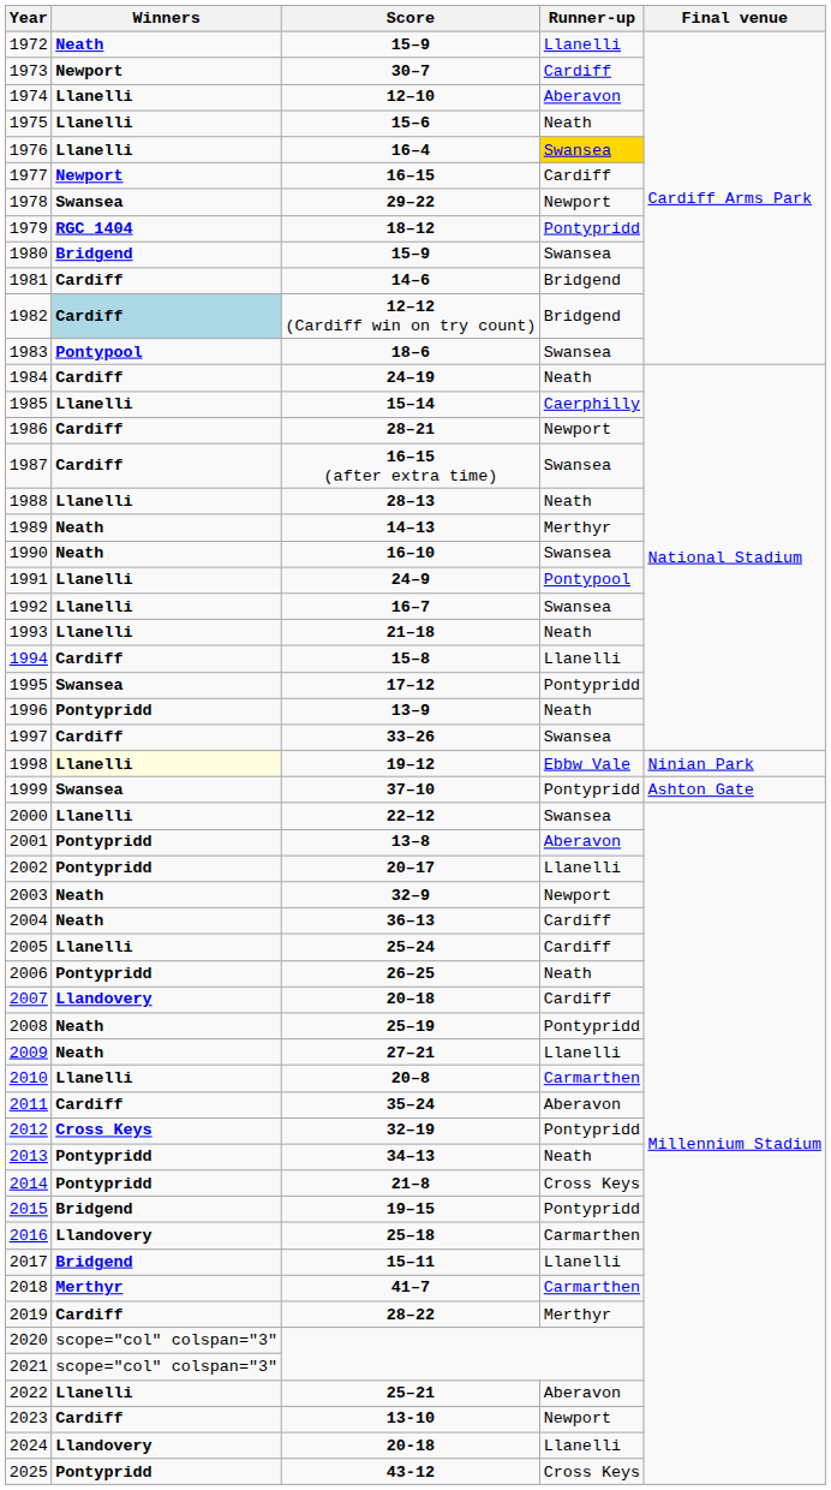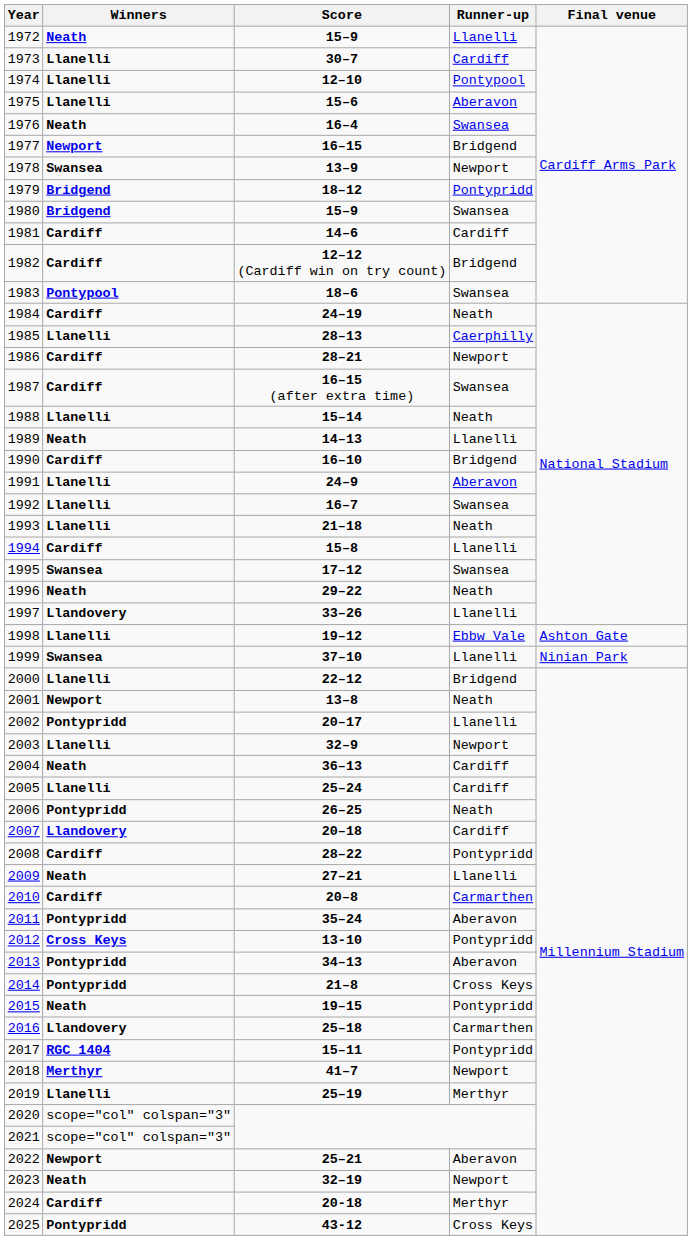 <table class="wikitable">
 <tr>
 <th>Year</th>
 <th>Winners</th>
 <th>Score</th>
 <th>Runner-up</th>
 <th>Final venue</th>
 </tr>
 <tr>
 <td>1972</td>
 <td><strong><a href='#'>Neath</a></strong></td>
 <td align="center"><strong>15–9</strong></td>
 <td><a href='#'>Llanelli</a></td>
 <td rowspan=12><a href='#'>Cardiff Arms Park</a></td>
 </tr>
 <tr>
 <td>1973</td>
-<td><strong>Newport</strong></td>
+<td><strong>Llanelli</strong></td>
 <td align="center"><strong>30–7</strong></td>
 <td><a href='#'>Cardiff</a></td>
 </tr>
 <tr>
 <td>1974</td>
 <td><strong>Llanelli</strong></td>
 <td align="center"><strong>12–10</strong></td>
-<td><a href='#'>Aberavon</a></td>
+<td><a href='#'>Pontypool</a></td>
 </tr>
 <tr>
 <td>1975</td>
 <td><strong>Llanelli</strong></td>
 <td align="center"><strong>15–6</strong></td>
-<td>Neath</td>
+<td><a href='#'>Aberavon</a></td>
 </tr>
 <tr>
 <td>1976</td>
-<td><strong>Llanelli</strong></td>
+<td><strong>Neath</strong></td>
 <td align="center"><strong>16–4</strong></td>
-<td style="background: gold;"><a href='#'>Swansea</a></td>
+<td><a href='#'>Swansea</a></td>
 </tr>
 <tr>
 <td>1977</td>
 <td><strong><a href='#'>Newport</a></strong></td>
 <td align="center"><strong>16–15</strong></td>
-<td>Cardiff</td>
+<td>Bridgend</td>
 </tr>
 <tr>
 <td>1978</td>
 <td><strong>Swansea</strong></td>
-<td align="center"><strong>29–22</strong></td>
+<td align="center"><strong>13–9</strong></td>
 <td>Newport</td>
 </tr>
 <tr>
 <td>1979</td>
-<td><strong><a href='#'>RGC 1404</a></strong></td>
+<td><strong><a href='#'>Bridgend</a></strong></td>
 <td align="center"><strong>18–12</strong></td>
 <td><a href='#'>Pontypridd</a></td>
 </tr>
 <tr>
 <td>1980</td>
 <td><strong><a href='#'>Bridgend</a></strong></td>
 <td align="center"><strong>15–9</strong></td>
 <td>Swansea</td>
 </tr>
 <tr>
 <td>1981</td>
 <td><strong>Cardiff</strong></td>
 <td align="center"><strong>14–6</strong></td>
-<td>Bridgend</td>
+<td>Cardiff</td>
 </tr>
 <tr>
 <td>1982</td>
-<td style="background: lightblue;"><strong>Cardiff</strong></td>
+<td><strong>Cardiff</strong></td>
 <td align="center"><strong>12–12</strong><br>(Cardiff win on try count)</td>
 <td>Bridgend</td>
 </tr>
 <tr>
 <td>1983</td>
 <td><strong><a href='#'>Pontypool</a></strong></td>
 <td align="center"><strong>18–6</strong></td>
 <td>Swansea</td>
 </tr>
 <tr>
 <td>1984</td>
 <td><strong>Cardiff</strong></td>
 <td align="center"><strong>24–19</strong></td>
 <td>Neath</td>
 <td rowspan=14><a href='#'>National Stadium</a></td>
 </tr>
 <tr>
 <td>1985</td>
 <td><strong>Llanelli</strong></td>
-<td align="center"><strong>15–14</strong></td>
+<td align="center"><strong>28–13</strong></td>
 <td><a href='#'>Caerphilly</a></td>
 </tr>
 <tr>
 <td>1986</td>
 <td><strong>Cardiff</strong></td>
 <td align="center"><strong>28–21</strong></td>
 <td>Newport</td>
 </tr>
 <tr>
 <td>1987</td>
 <td><strong>Cardiff</strong></td>
 <td align="center"><strong>16–15</strong><br>(after extra time)</td>
 <td>Swansea</td>
 </tr>
 <tr>
 <td>1988</td>
 <td><strong>Llanelli</strong></td>
-<td align="center"><strong>28–13</strong></td>
+<td align="center"><strong>15–14</strong></td>
 <td>Neath</td>
 </tr>
 <tr>
 <td>1989</td>
 <td><strong>Neath</strong></td>
 <td align="center"><strong>14–13</strong></td>
-<td>Merthyr</td>
+<td>Llanelli</td>
 </tr>
 <tr>
 <td>1990</td>
-<td><strong>Neath</strong></td>
+<td><strong>Cardiff</strong></td>
 <td align="center"><strong>16–10</strong></td>
-<td>Swansea</td>
+<td>Bridgend</td>
 </tr>
 <tr>
 <td>1991</td>
 <td><strong>Llanelli</strong></td>
 <td align="center"><strong>24–9</strong></td>
-<td><a href='#'>Pontypool</a></td>
+<td><a href='#'>Aberavon</a></td>
 </tr>
 <tr>
 <td>1992</td>
 <td><strong>Llanelli</strong></td>
 <td align="center"><strong>16–7</strong></td>
 <td>Swansea</td>
 </tr>
 <tr>
 <td>1993</td>
 <td><strong>Llanelli</strong></td>
 <td align="center"><strong>21–18</strong></td>
 <td>Neath</td>
 </tr>
 <tr>
 <td><a href='#'>1994</a></td>
 <td><strong>Cardiff</strong></td>
 <td align="center"><strong>15–8</strong></td>
 <td>Llanelli</td>
 </tr>
 <tr>
 <td>1995</td>
 <td><strong>Swansea</strong></td>
 <td align="center"><strong>17–12</strong></td>
-<td>Pontypridd</td>
+<td>Swansea</td>
 </tr>
 <tr>
 <td>1996</td>
-<td><strong>Pontypridd</strong></td>
-<td align="center"><strong>13–9</strong></td>
+<td><strong>Neath</strong></td>
+<td align="center"><strong>29–22</strong></td>
 <td>Neath</td>
 </tr>
 <tr>
 <td>1997</td>
-<td><strong>Cardiff</strong></td>
+<td><strong>Llandovery</strong></td>
 <td align="center"><strong>33–26</strong></td>
-<td>Swansea</td>
+<td>Llanelli</td>
 </tr>
 <tr>
 <td>1998</td>
-<td style="background: lightyellow;"><strong>Llanelli</strong></td>
+<td><strong>Llanelli</strong></td>
 <td align="center"><strong>19–12</strong></td>
 <td><a href='#'>Ebbw Vale</a></td>
-<td><a href='#'>Ninian Park</a></td>
+<td><a href='#'>Ashton Gate</a></td>
 </tr>
 <tr>
 <td>1999</td>
 <td><strong>Swansea</strong></td>
 <td align="center"><strong>37–10</strong></td>
-<td>Pontypridd</td>
-<td><a href='#'>Ashton Gate</a></td>
+<td>Llanelli</td>
+<td><a href='#'>Ninian Park</a></td>
 </tr>
 <tr>
 <td>2000</td>
 <td><strong>Llanelli</strong></td>
 <td align="center"><strong>22–12</strong></td>
-<td>Swansea</td>
+<td>Bridgend</td>
 <td rowspan=26><a href='#'>Millennium Stadium</a></td>
 </tr>
 <tr>
 <td>2001</td>
-<td><strong>Pontypridd</strong></td>
+<td><strong>Newport</strong></td>
 <td align="center"><strong>13–8</strong></td>
-<td><a href='#'>Aberavon</a></td>
+<td>Neath</td>
 </tr>
 <tr>
 <td>2002</td>
 <td><strong>Pontypridd</strong></td>
 <td align="center"><strong>20–17</strong></td>
 <td>Llanelli</td>
 </tr>
 <tr>
 <td>2003</td>
-<td><strong>Neath</strong></td>
+<td><strong>Llanelli</strong></td>
 <td align="center"><strong>32–9</strong></td>
 <td>Newport</td>
 </tr>
 <tr>
 <td>2004</td>
 <td><strong>Neath</strong></td>
 <td align="center"><strong>36–13</strong></td>
 <td>Cardiff</td>
 </tr>
 <tr>
 <td>2005</td>
 <td><strong>Llanelli</strong></td>
 <td align="center"><strong>25–24</strong></td>
 <td>Cardiff</td>
 </tr>
 <tr>
 <td>2006</td>
 <td><strong>Pontypridd</strong></td>
 <td align="center"><strong>26–25</strong></td>
 <td>Neath</td>
 </tr>
 <tr>
 <td><a href='#'>2007</a></td>
 <td><strong><a href='#'>Llandovery</a></strong></td>
 <td align="center"><strong>20–18</strong></td>
 <td>Cardiff</td>
 </tr>
 <tr>
 <td>2008</td>
-<td><strong>Neath</strong></td>
-<td align="center"><strong>25–19</strong></td>
+<td><strong>Cardiff</strong></td>
+<td align="center"><strong>28–22</strong></td>
 <td>Pontypridd</td>
 </tr>
 <tr>
 <td><a href='#'>2009</a></td>
 <td><strong>Neath</strong></td>
 <td align="center"><strong>27–21</strong></td>
 <td>Llanelli</td>
 </tr>
 <tr>
 <td><a href='#'>2010</a></td>
-<td><strong>Llanelli</strong></td>
+<td><strong>Cardiff</strong></td>
 <td align="center"><strong>20–8</strong></td>
 <td><a href='#'>Carmarthen</a></td>
 </tr>
 <tr>
 <td><a href='#'>2011</a></td>
-<td><strong>Cardiff</strong></td>
+<td><strong>Pontypridd</strong></td>
 <td align="center"><strong>35–24</strong></td>
 <td>Aberavon</td>
 </tr>
 <tr>
 <td><a href='#'>2012</a></td>
 <td><strong><a href='#'>Cross Keys</a></strong></td>
-<td align="center"><strong>32–19</strong></td>
+<td align="center"><strong>13-10</strong></td>
 <td>Pontypridd</td>
 </tr>
 <tr>
 <td><a href='#'>2013</a></td>
 <td><strong>Pontypridd</strong></td>
 <td align="center"><strong>34–13</strong></td>
-<td>Neath</td>
+<td>Aberavon</td>
 </tr>
 <tr>
 <td><a href='#'>2014</a></td>
 <td><strong>Pontypridd</strong></td>
 <td align="center"><strong>21–8</strong></td>
 <td>Cross Keys</td>
 </tr>
 <tr>
 <td><a href='#'>2015</a></td>
-<td><strong>Bridgend</strong></td>
+<td><strong>Neath</strong></td>
 <td align="center"><strong>19–15</strong></td>
 <td>Pontypridd</td>
 </tr>
 <tr>
 <td><a href='#'>2016</a></td>
 <td><strong>Llandovery</strong></td>
 <td align="center"><strong>25–18</strong></td>
 <td>Carmarthen</td>
 </tr>
 <tr>
 <td>2017</td>
-<td><strong><a href='#'>Bridgend</a></strong></td>
+<td><strong><a href='#'>RGC 1404</a></strong></td>
 <td align="center"><strong>15–11</strong></td>
-<td>Llanelli</td>
+<td>Pontypridd</td>
 </tr>
 <tr>
 <td>2018</td>
 <td><strong><a href='#'>Merthyr</a></strong></td>
 <td align="center"><strong>41–7</strong></td>
-<td><a href='#'>Carmarthen</a></td>
+<td>Newport</td>
 </tr>
 <tr>
 <td>2019</td>
-<td><strong>Cardiff</strong></td>
-<td align="center"><strong>28–22</strong></td>
+<td><strong>Llanelli</strong></td>
+<td align="center"><strong>25–19</strong></td>
 <td>Merthyr</td>
 </tr>
 <tr>
 <td>2020</td>
 <td>scope="col" colspan="3" </td>
 </tr>
 <tr>
 <td>2021</td>
 <td>scope="col" colspan="3" </td>
 </tr>
 <tr>
 <td>2022</td>
-<td><strong>Llanelli</strong></td>
+<td><strong>Newport</strong></td>
 <td align="center"><strong>25–21</strong></td>
 <td>Aberavon</td>
 </tr>
 <tr>
 <td>2023</td>
-<td><strong>Cardiff</strong></td>
-<td align="center"><strong>13-10</strong></td>
+<td><strong>Neath</strong></td>
+<td align="center"><strong>32–19</strong></td>
 <td>Newport</td>
 </tr>
 <tr>
 <td>2024</td>
-<td><strong>Llandovery</strong></td>
+<td><strong>Cardiff</strong></td>
 <td align="center"><strong>20-18</strong></td>
-<td>Llanelli</td>
+<td>Merthyr</td>
 </tr>
 <tr>
 <td>2025</td>
 <td><strong>Pontypridd</strong></td>
 <td align="center"><strong>43-12</strong></td>
 <td>Cross Keys<br>  </td>
 </tr>
 </table>
